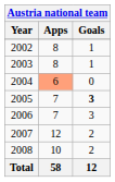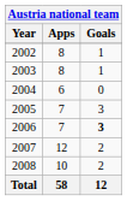 <table class="wikitable" style="text-align:center">
 <tr>
 <th colspan=3><a href='#'>Austria national team</a></th>
 </tr>
 <tr>
 <th>Year</th>
 <th>Apps</th>
 <th>Goals</th>
 </tr>
 <tr>
 </tr>
 <tr>
 <td>2002</td>
 <td>8</td>
 <td>1</td>
 </tr>
 <tr>
 <td>2003</td>
 <td>8</td>
 <td>1</td>
 </tr>
 <tr>
 <td>2004</td>
-<td style="background: lightsalmon;">6</td>
+<td>6</td>
 <td>0</td>
 </tr>
 <tr>
 <td>2005</td>
 <td>7</td>
-<td><strong>3</strong></td>
+<td>3</td>
 </tr>
 <tr>
 <td>2006</td>
 <td>7</td>
-<td>3</td>
+<td><strong>3</strong></td>
 </tr>
 <tr>
 <td>2007</td>
 <td>12</td>
 <td>2</td>
 </tr>
 <tr>
 <td>2008</td>
 <td>10</td>
 <td>2</td>
 </tr>
 <tr>
 <th>Total</th>
 <th>58</th>
 <th>12</th>
 </tr>
 </table>
